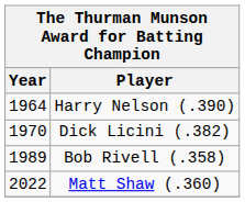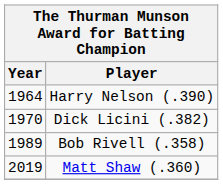 <table class="wikitable" style="display: inline-table; margin-right: 20px; text-align:center">
 <tr>
 <th scope="col" colspan="2" style="width: 145px;">The Thurman Munson Award for Batting Champion</th>
 </tr>
 <tr>
 <th scope="col">Year</th>
 <th scope="col">Player</th>
 </tr>
 <tr>
 <td>1964</td>
 <td>Harry Nelson (.390)</td>
 </tr>
 <tr>
 <td>1970</td>
 <td>Dick Licini (.382)</td>
 </tr>
 <tr>
 <td>1989</td>
 <td>Bob Rivell (.358)</td>
 </tr>
 <tr>
-<td>2022</td>
+<td>2019</td>
 <td><a href='#'>Matt Shaw</a> (.360)</td>
 </tr>
 <tr>
 </tr>
 </table>
